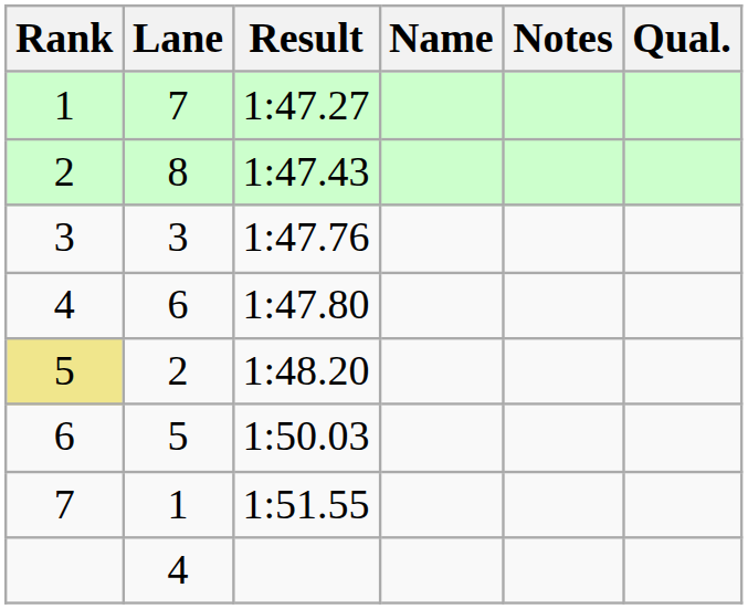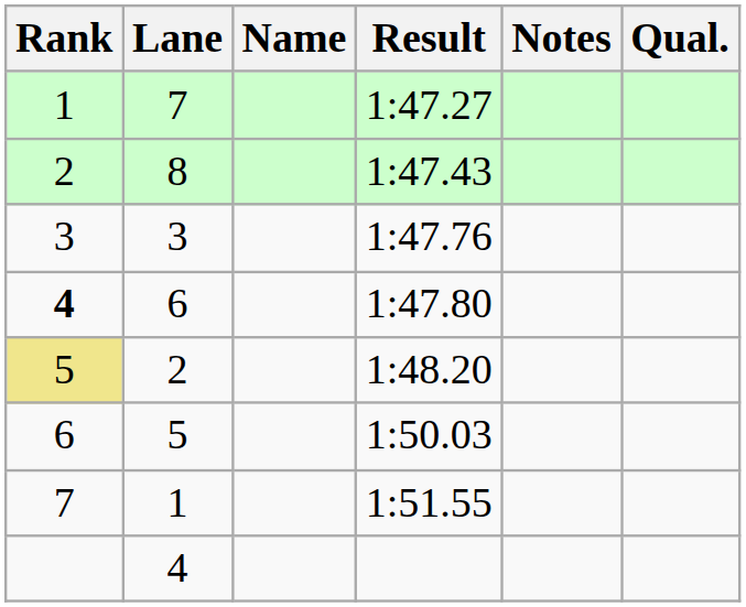 <table class="wikitable sortable" style="text-align:center">
 <tr>
 <th>Rank</th>
 <th>Lane</th>
+<th>Name</th>
 <th>Result</th>
-<th>Name</th>
 <th>Notes</th>
 <th>Qual.</th>
 </tr>
 <tr bgcolor=ccffcc>
 <td>1</td>
 <td>7</td>
+<td align="left"></td>
 <td>1:47.27</td>
-<td align="left"></td>
 <td></td>
 <td></td>
 </tr>
 <tr bgcolor=ccffcc>
 <td>2</td>
 <td>8</td>
+<td align="left"></td>
 <td>1:47.43</td>
-<td align="left"></td>
 <td></td>
 <td></td>
 </tr>
 <tr>
 <td>3</td>
 <td>3</td>
+<td align="left"></td>
 <td>1:47.76</td>
-<td align="left"></td>
 <td></td>
 <td></td>
 </tr>
 <tr>
-<td>4</td>
+<td><strong>4</strong></td>
 <td>6</td>
+<td align="left"></td>
 <td>1:47.80</td>
-<td align="left"></td>
 <td></td>
 <td></td>
 </tr>
 <tr>
 <td style="background: khaki;">5</td>
 <td>2</td>
+<td align="left"></td>
 <td>1:48.20</td>
-<td align="left"></td>
 <td></td>
 <td></td>
 </tr>
 <tr>
 <td>6</td>
 <td>5</td>
+<td align="left"></td>
 <td>1:50.03</td>
-<td align="left"></td>
 <td></td>
 <td></td>
 </tr>
 <tr>
 <td>7</td>
 <td>1</td>
+<td align="left"></td>
 <td>1:51.55</td>
-<td align="left"></td>
 <td></td>
 <td></td>
 </tr>
 <tr>
 <td></td>
 <td>4</td>
+<td align="left"></td>
 <td></td>
-<td align="left"></td>
 <td></td>
 <td></td>
 </tr>
 </table>
